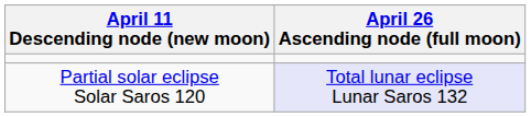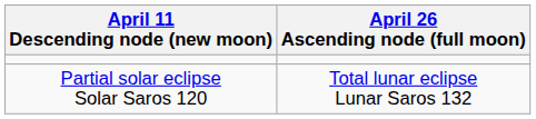 <table class="wikitable">
 <tr>
 <th><a href='#'>April 11</a><br>Descending node (new moon)<br></th>
 <th><a href='#'>April 26</a><br>Ascending node (full moon)<br></th>
 </tr>
 <tr>
 <td></td>
 <td></td>
 </tr>
 <tr align=center>
 <td><a href='#'>Partial solar eclipse</a><br>Solar Saros 120</td>
-<td style="background: lavender;"><a href='#'>Total lunar eclipse</a><br>Lunar Saros 132</td>
+<td><a href='#'>Total lunar eclipse</a><br>Lunar Saros 132</td>
 </tr>
 </table>
